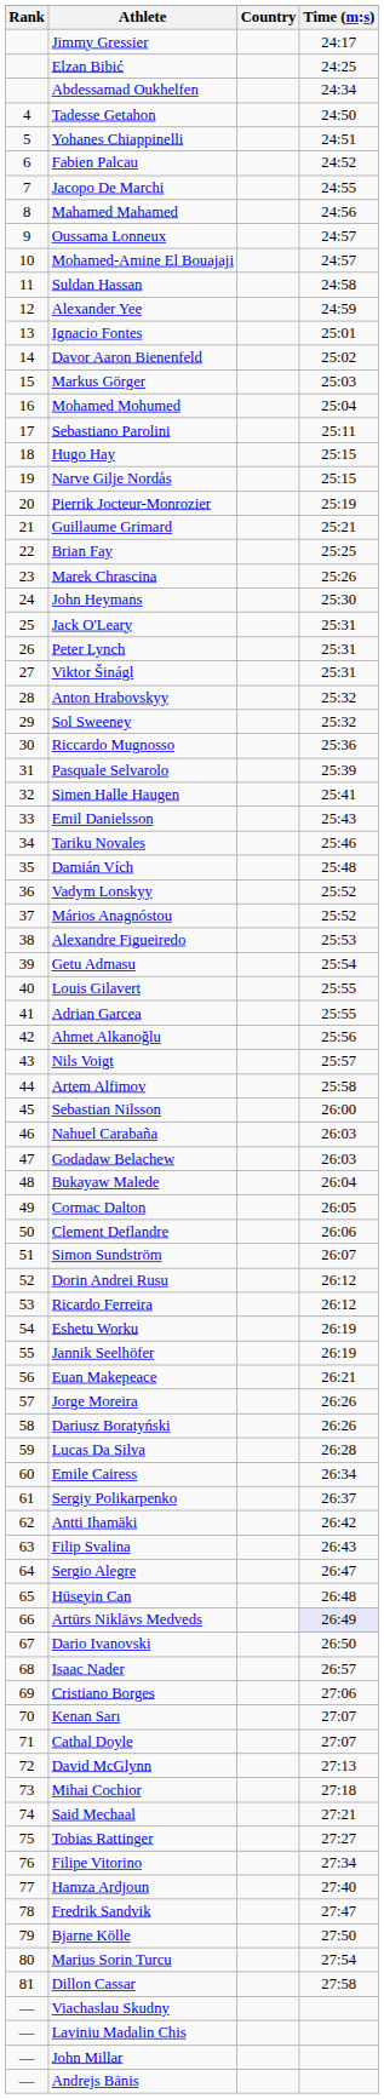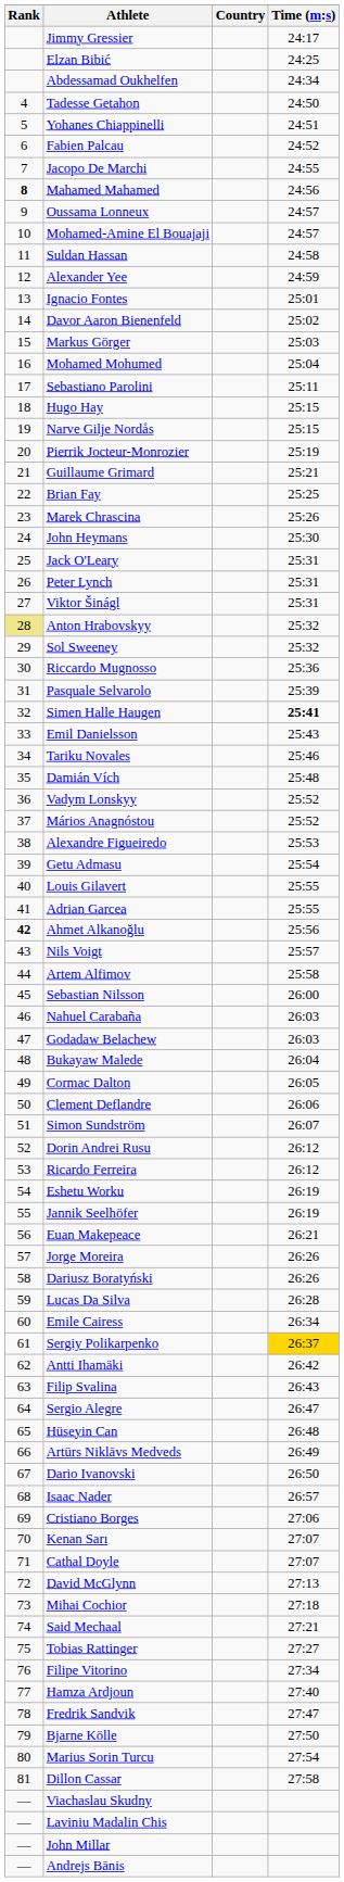 <table class="wikitable sortable" style="text-align:center;">
 <tr>
 </tr>
 <tr>
 <th>Rank</th>
 <th>Athlete</th>
 <th>Country</th>
 <th>Time (<a href='#'>m</a>:<a href='#'>s</a>)</th>
 </tr>
 <tr>
 <td></td>
 <td align=left><a href='#'>Jimmy Gressier</a></td>
 <td align=left></td>
 <td>24:17</td>
 </tr>
 <tr>
 <td></td>
 <td align=left><a href='#'>Elzan Bibić</a></td>
 <td align=left></td>
 <td>24:25</td>
 </tr>
 <tr>
 <td></td>
 <td align=left><a href='#'>Abdessamad Oukhelfen</a></td>
 <td align=left></td>
 <td>24:34</td>
 </tr>
 <tr>
 <td>4</td>
 <td align=left><a href='#'>Tadesse Getahon</a></td>
 <td align=left></td>
 <td>24:50</td>
 </tr>
 <tr>
 <td>5</td>
 <td align=left><a href='#'>Yohanes Chiappinelli</a></td>
 <td align=left></td>
 <td>24:51</td>
 </tr>
 <tr>
 <td>6</td>
 <td align=left><a href='#'>Fabien Palcau</a></td>
 <td align=left></td>
 <td>24:52</td>
 </tr>
 <tr>
 <td>7</td>
 <td align=left><a href='#'>Jacopo De Marchi</a></td>
 <td align=left></td>
 <td>24:55</td>
 </tr>
 <tr>
-<td>8</td>
+<td><strong>8</strong></td>
 <td align=left><a href='#'>Mahamed Mahamed</a></td>
 <td align=left></td>
 <td>24:56</td>
 </tr>
 <tr>
 <td>9</td>
 <td align=left><a href='#'>Oussama Lonneux</a></td>
 <td align=left></td>
 <td>24:57</td>
 </tr>
 <tr>
 <td>10</td>
 <td align=left><a href='#'>Mohamed-Amine El Bouajaji</a></td>
 <td align=left></td>
 <td>24:57</td>
 </tr>
 <tr>
 <td>11</td>
 <td align=left><a href='#'>Suldan Hassan</a></td>
 <td align=left></td>
 <td>24:58</td>
 </tr>
 <tr>
 <td>12</td>
 <td align=left><a href='#'>Alexander Yee</a></td>
 <td align=left></td>
 <td>24:59</td>
 </tr>
 <tr>
 <td>13</td>
 <td align=left><a href='#'>Ignacio Fontes</a></td>
 <td align=left></td>
 <td>25:01</td>
 </tr>
 <tr>
 <td>14</td>
 <td align=left><a href='#'>Davor Aaron Bienenfeld</a></td>
 <td align=left></td>
 <td>25:02</td>
 </tr>
 <tr>
 <td>15</td>
 <td align=left><a href='#'>Markus Görger</a></td>
 <td align=left></td>
 <td>25:03</td>
 </tr>
 <tr>
 <td>16</td>
 <td align=left><a href='#'>Mohamed Mohumed</a></td>
 <td align=left></td>
 <td>25:04</td>
 </tr>
 <tr>
 <td>17</td>
 <td align=left><a href='#'>Sebastiano Parolini</a></td>
 <td align=left></td>
 <td>25:11</td>
 </tr>
 <tr>
 <td>18</td>
 <td align=left><a href='#'>Hugo Hay</a></td>
 <td align=left></td>
 <td>25:15</td>
 </tr>
 <tr>
 <td>19</td>
 <td align=left><a href='#'>Narve Gilje Nordås</a></td>
 <td align=left></td>
 <td>25:15</td>
 </tr>
 <tr>
 <td>20</td>
 <td align=left><a href='#'>Pierrik Jocteur-Monrozier</a></td>
 <td align=left></td>
 <td>25:19</td>
 </tr>
 <tr>
 <td>21</td>
 <td align=left><a href='#'>Guillaume Grimard</a></td>
 <td align=left></td>
 <td>25:21</td>
 </tr>
 <tr>
 <td>22</td>
 <td align=left><a href='#'>Brian Fay</a></td>
 <td align=left></td>
 <td>25:25</td>
 </tr>
 <tr>
 <td>23</td>
 <td align=left><a href='#'>Marek Chrascina</a></td>
 <td align=left></td>
 <td>25:26</td>
 </tr>
 <tr>
 <td>24</td>
 <td align=left><a href='#'>John Heymans</a></td>
 <td align=left></td>
 <td>25:30</td>
 </tr>
 <tr>
 <td>25</td>
 <td align=left><a href='#'>Jack O'Leary</a></td>
 <td align=left></td>
 <td>25:31</td>
 </tr>
 <tr>
 <td>26</td>
 <td align=left><a href='#'>Peter Lynch</a></td>
 <td align=left></td>
 <td>25:31</td>
 </tr>
 <tr>
 <td>27</td>
 <td align=left><a href='#'>Viktor Šinágl</a></td>
 <td align=left></td>
 <td>25:31</td>
 </tr>
 <tr>
-<td>28</td>
+<td style="background: khaki;">28</td>
 <td align=left><a href='#'>Anton Hrabovskyy</a></td>
 <td align=left></td>
 <td>25:32</td>
 </tr>
 <tr>
 <td>29</td>
 <td align=left><a href='#'>Sol Sweeney</a></td>
 <td align=left></td>
 <td>25:32</td>
 </tr>
 <tr>
 <td>30</td>
 <td align=left><a href='#'>Riccardo Mugnosso</a></td>
 <td align=left></td>
 <td>25:36</td>
 </tr>
 <tr>
 <td>31</td>
 <td align=left><a href='#'>Pasquale Selvarolo</a></td>
 <td align=left></td>
 <td>25:39</td>
 </tr>
 <tr>
 <td>32</td>
 <td align=left><a href='#'>Simen Halle Haugen</a></td>
 <td align=left></td>
-<td>25:41</td>
+<td><strong>25:41</strong></td>
 </tr>
 <tr>
 <td>33</td>
 <td align=left><a href='#'>Emil Danielsson</a></td>
 <td align=left></td>
 <td>25:43</td>
 </tr>
 <tr>
 <td>34</td>
 <td align=left><a href='#'>Tariku Novales</a></td>
 <td align=left></td>
 <td>25:46</td>
 </tr>
 <tr>
 <td>35</td>
 <td align=left><a href='#'>Damián Vích</a></td>
 <td align=left></td>
 <td>25:48</td>
 </tr>
 <tr>
 <td>36</td>
 <td align=left><a href='#'>Vadym Lonskyy</a></td>
 <td align=left></td>
 <td>25:52</td>
 </tr>
 <tr>
 <td>37</td>
 <td align=left><a href='#'>Mários Anagnóstou</a></td>
 <td align=left></td>
 <td>25:52</td>
 </tr>
 <tr>
 <td>38</td>
 <td align=left><a href='#'>Alexandre Figueiredo</a></td>
 <td align=left></td>
 <td>25:53</td>
 </tr>
 <tr>
 <td>39</td>
 <td align=left><a href='#'>Getu Admasu</a></td>
 <td align=left></td>
 <td>25:54</td>
 </tr>
 <tr>
 <td>40</td>
 <td align=left><a href='#'>Louis Gilavert</a></td>
 <td align=left></td>
 <td>25:55</td>
 </tr>
 <tr>
 <td>41</td>
 <td align=left><a href='#'>Adrian Garcea</a></td>
 <td align=left></td>
 <td>25:55</td>
 </tr>
 <tr>
-<td>42</td>
+<td><strong>42</strong></td>
 <td align=left><a href='#'>Ahmet Alkanoğlu</a></td>
 <td align=left></td>
 <td>25:56</td>
 </tr>
 <tr>
 <td>43</td>
 <td align=left><a href='#'>Nils Voigt</a></td>
 <td align=left></td>
 <td>25:57</td>
 </tr>
 <tr>
 <td>44</td>
 <td align=left><a href='#'>Artem Alfimov</a></td>
 <td align=left></td>
 <td>25:58</td>
 </tr>
 <tr>
 <td>45</td>
 <td align=left><a href='#'>Sebastian Nilsson</a></td>
 <td align=left></td>
 <td>26:00</td>
 </tr>
 <tr>
 <td>46</td>
 <td align=left><a href='#'>Nahuel Carabaña</a></td>
 <td align=left></td>
 <td>26:03</td>
 </tr>
 <tr>
 <td>47</td>
 <td align=left><a href='#'>Godadaw Belachew</a></td>
 <td align=left></td>
 <td>26:03</td>
 </tr>
 <tr>
 <td>48</td>
 <td align=left><a href='#'>Bukayaw Malede</a></td>
 <td align=left></td>
 <td>26:04</td>
 </tr>
 <tr>
 <td>49</td>
 <td align=left><a href='#'>Cormac Dalton</a></td>
 <td align=left></td>
 <td>26:05</td>
 </tr>
 <tr>
 <td>50</td>
 <td align=left><a href='#'>Clement Deflandre</a></td>
 <td align=left></td>
 <td>26:06</td>
 </tr>
 <tr>
 <td>51</td>
 <td align=left><a href='#'>Simon Sundström</a></td>
 <td align=left></td>
 <td>26:07</td>
 </tr>
 <tr>
 <td>52</td>
 <td align=left><a href='#'>Dorin Andrei Rusu</a></td>
 <td align=left></td>
 <td>26:12</td>
 </tr>
 <tr>
 <td>53</td>
 <td align=left><a href='#'>Ricardo Ferreira</a></td>
 <td align=left></td>
 <td>26:12</td>
 </tr>
 <tr>
 <td>54</td>
 <td align=left><a href='#'>Eshetu Worku</a></td>
 <td align=left></td>
 <td>26:19</td>
 </tr>
 <tr>
 <td>55</td>
 <td align=left><a href='#'>Jannik Seelhöfer</a></td>
 <td align=left></td>
 <td>26:19</td>
 </tr>
 <tr>
 <td>56</td>
 <td align=left><a href='#'>Euan Makepeace</a></td>
 <td align=left></td>
 <td>26:21</td>
 </tr>
 <tr>
 <td>57</td>
 <td align=left><a href='#'>Jorge Moreira</a></td>
 <td align=left></td>
 <td>26:26</td>
 </tr>
 <tr>
 <td>58</td>
 <td align=left><a href='#'>Dariusz Boratyński</a></td>
 <td align=left></td>
 <td>26:26</td>
 </tr>
 <tr>
 <td>59</td>
 <td align=left><a href='#'>Lucas Da Silva</a></td>
 <td align=left></td>
 <td>26:28</td>
 </tr>
 <tr>
 <td>60</td>
 <td align=left><a href='#'>Emile Cairess</a></td>
 <td align=left></td>
 <td>26:34</td>
 </tr>
 <tr>
 <td>61</td>
 <td align=left><a href='#'>Sergiy Polikarpenko</a></td>
 <td align=left></td>
-<td>26:37</td>
+<td style="background: gold;">26:37</td>
 </tr>
 <tr>
 <td>62</td>
 <td align=left><a href='#'>Antti Ihamäki</a></td>
 <td align=left></td>
 <td>26:42</td>
 </tr>
 <tr>
 <td>63</td>
 <td align=left><a href='#'>Filip Svalina</a></td>
 <td align=left></td>
 <td>26:43</td>
 </tr>
 <tr>
 <td>64</td>
 <td align=left><a href='#'>Sergio Alegre</a></td>
 <td align=left></td>
 <td>26:47</td>
 </tr>
 <tr>
 <td>65</td>
 <td align=left><a href='#'>Hüseyin Can</a></td>
 <td align=left></td>
 <td>26:48</td>
 </tr>
 <tr>
 <td>66</td>
 <td align=left><a href='#'>Artūrs Niklāvs Medveds</a></td>
 <td align=left></td>
-<td style="background: lavender;">26:49</td>
+<td>26:49</td>
 </tr>
 <tr>
 <td>67</td>
 <td align=left><a href='#'>Dario Ivanovski</a></td>
 <td align=left></td>
 <td>26:50</td>
 </tr>
 <tr>
 <td>68</td>
 <td align=left><a href='#'>Isaac Nader</a></td>
 <td align=left></td>
 <td>26:57</td>
 </tr>
 <tr>
 <td>69</td>
 <td align=left><a href='#'>Cristiano Borges</a></td>
 <td align=left></td>
 <td>27:06</td>
 </tr>
 <tr>
 <td>70</td>
 <td align=left><a href='#'>Kenan Sarı</a></td>
 <td align=left></td>
 <td>27:07</td>
 </tr>
 <tr>
 <td>71</td>
 <td align=left><a href='#'>Cathal Doyle</a></td>
 <td align=left></td>
 <td>27:07</td>
 </tr>
 <tr>
 <td>72</td>
 <td align=left><a href='#'>David McGlynn</a></td>
 <td align=left></td>
 <td>27:13</td>
 </tr>
 <tr>
 <td>73</td>
 <td align=left><a href='#'>Mihai Cochior</a></td>
 <td align=left></td>
 <td>27:18</td>
 </tr>
 <tr>
 <td>74</td>
 <td align=left><a href='#'>Said Mechaal</a></td>
 <td align=left></td>
 <td>27:21</td>
 </tr>
 <tr>
 <td>75</td>
 <td align=left><a href='#'>Tobias Rattinger</a></td>
 <td align=left></td>
 <td>27:27</td>
 </tr>
 <tr>
 <td>76</td>
 <td align=left><a href='#'>Filipe Vitorino</a></td>
 <td align=left></td>
 <td>27:34</td>
 </tr>
 <tr>
 <td>77</td>
 <td align=left><a href='#'>Hamza Ardjoun</a></td>
 <td align=left></td>
 <td>27:40</td>
 </tr>
 <tr>
 <td>78</td>
 <td align=left><a href='#'>Fredrik Sandvik</a></td>
 <td align=left></td>
 <td>27:47</td>
 </tr>
 <tr>
 <td>79</td>
 <td align=left><a href='#'>Bjarne Kölle</a></td>
 <td align=left></td>
 <td>27:50</td>
 </tr>
 <tr>
 <td>80</td>
 <td align=left><a href='#'>Marius Sorin Turcu</a></td>
 <td align=left></td>
 <td>27:54</td>
 </tr>
 <tr>
 <td>81</td>
 <td align=left><a href='#'>Dillon Cassar</a></td>
 <td align=left></td>
 <td>27:58</td>
 </tr>
 <tr>
 <td>—</td>
 <td align=left><a href='#'>Viachaslau Skudny</a></td>
 <td align=left></td>
 <td></td>
 </tr>
 <tr>
 <td>—</td>
 <td align=left><a href='#'>Laviniu Madalin Chis</a></td>
 <td align=left></td>
 <td></td>
 </tr>
 <tr>
 <td>—</td>
 <td align=left><a href='#'>John Millar</a></td>
 <td align=left></td>
 <td></td>
 </tr>
 <tr>
 <td>—</td>
 <td align=left><a href='#'>Andrejs Bānis</a></td>
 <td align=left></td>
 <td></td>
 </tr>
 </table>
